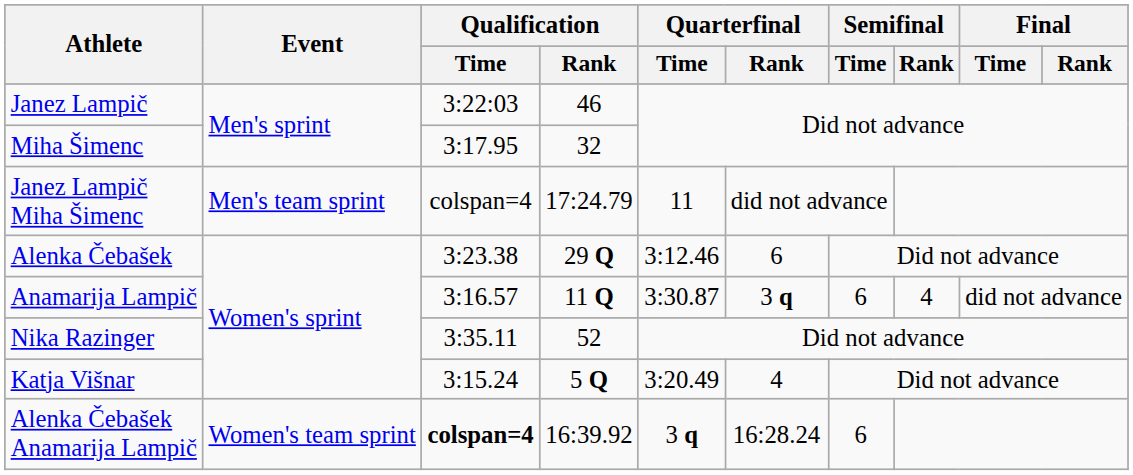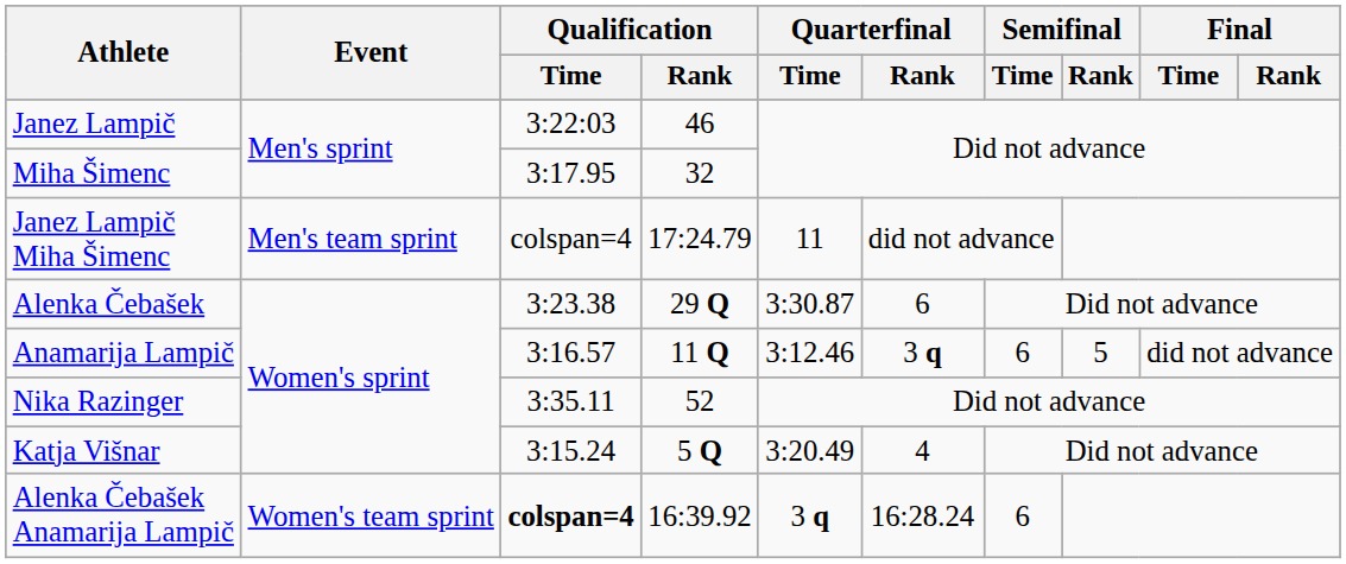 <table class="wikitable" style="font-size:90%">
 <tr>
 <th rowspan="2">Athlete</th>
 <th rowspan="2">Event</th>
 <th colspan="2">Qualification</th>
 <th colspan="2">Quarterfinal</th>
 <th colspan="2">Semifinal</th>
 <th colspan="2">Final</th>
 </tr>
 <tr style="font-size:95%">
 <th>Time</th>
 <th>Rank</th>
 <th>Time</th>
 <th>Rank</th>
 <th>Time</th>
 <th>Rank</th>
 <th>Time</th>
 <th>Rank</th>
 </tr>
 <tr align=center>
 <td style="text-align:left;"><a href='#'>Janez Lampič</a></td>
 <td style="text-align:left;" rowspan="2"><a href='#'>Men's sprint</a></td>
 <td>3:22:03</td>
 <td>46</td>
 <td colspan=6 rowspan=2>Did not advance</td>
 </tr>
 <tr align=center>
 <td style="text-align:left;"><a href='#'>Miha Šimenc</a></td>
 <td>3:17.95</td>
 <td>32</td>
 </tr>
 <tr align=center>
 <td align=left><a href='#'>Janez Lampič</a><br><a href='#'>Miha Šimenc</a></td>
 <td align=left><a href='#'>Men's team sprint</a></td>
 <td>colspan=4 </td>
 <td>17:24.79</td>
 <td>11</td>
 <td colspan=2>did not advance</td>
 </tr>
 <tr align=center>
 <td align=left><a href='#'>Alenka Čebašek</a></td>
 <td style="text-align:left;" rowspan="4"><a href='#'>Women's sprint</a></td>
 <td>3:23.38</td>
 <td>29 <strong>Q</strong></td>
-<td>3:12.46</td>
+<td>3:30.87</td>
 <td>6</td>
 <td colspan=4>Did not advance</td>
 </tr>
 <tr align=center>
 <td align=left><a href='#'>Anamarija Lampič</a></td>
 <td>3:16.57</td>
 <td>11 <strong>Q</strong></td>
-<td>3:30.87</td>
+<td>3:12.46</td>
 <td>3 <strong>q</strong></td>
 <td>6</td>
-<td>4</td>
+<td>5</td>
 <td colspan=2>did not advance</td>
 </tr>
 <tr align=center>
 <td align=left><a href='#'>Nika Razinger</a></td>
 <td>3:35.11</td>
 <td>52</td>
 <td colspan=6>Did not advance</td>
 </tr>
 <tr align=center>
 <td align=left><a href='#'>Katja Višnar</a></td>
 <td>3:15.24</td>
 <td>5 <strong>Q</strong></td>
 <td>3:20.49</td>
 <td>4</td>
 <td colspan=4>Did not advance</td>
 </tr>
 <tr align=center>
 <td align=left><a href='#'>Alenka Čebašek</a><br><a href='#'>Anamarija Lampič</a></td>
 <td align=left><a href='#'>Women's team sprint</a></td>
 <td><strong>colspan=4 </strong></td>
 <td>16:39.92</td>
 <td>3 <strong>q</strong></td>
 <td>16:28.24</td>
 <td>6</td>
 </tr>
 </table>
